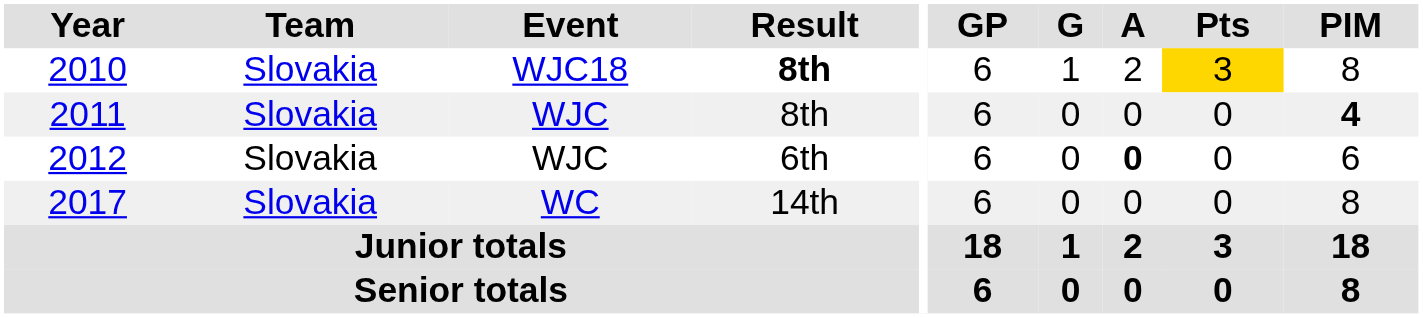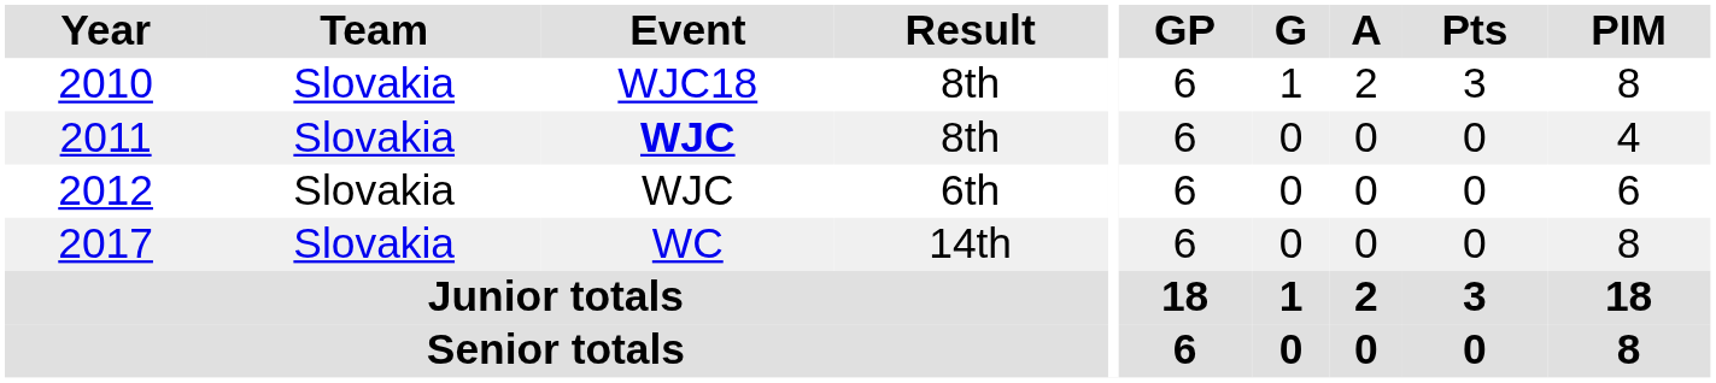 <table border="0" cellpadding="1" cellspacing="0" ID="Table3" style="text-align:center; width:40em">
 <tr ALIGN="center" bgcolor="#e0e0e0">
 <th>Year</th>
 <th>Team</th>
 <th>Event</th>
 <th>Result</th>
 <th rowspan="99" bgcolor="#ffffff"></th>
 <th>GP</th>
 <th>G</th>
 <th>A</th>
 <th>Pts</th>
 <th>PIM</th>
 </tr>
 <tr>
 <td><a href='#'>2010</a></td>
 <td><a href='#'>Slovakia</a></td>
 <td><a href='#'>WJC18</a></td>
-<td><strong>8th</strong></td>
+<td>8th</td>
 <td>6</td>
 <td>1</td>
 <td>2</td>
-<td style="background: gold;">3</td>
+<td>3</td>
 <td>8</td>
 </tr>
 <tr bgcolor="#f0f0f0">
 <td><a href='#'>2011</a></td>
 <td><a href='#'>Slovakia</a></td>
-<td><a href='#'>WJC</a></td>
+<td><strong><a href='#'>WJC</a></strong></td>
 <td>8th</td>
 <td>6</td>
 <td>0</td>
 <td>0</td>
 <td>0</td>
-<td><strong>4</strong></td>
+<td>4</td>
 </tr>
 <tr>
 <td><a href='#'>2012</a></td>
 <td>Slovakia</td>
 <td>WJC</td>
 <td>6th</td>
 <td>6</td>
 <td>0</td>
-<td><strong>0</strong></td>
+<td>0</td>
 <td>0</td>
 <td>6</td>
 </tr>
 <tr bgcolor="#f0f0f0">
 <td><a href='#'>2017</a></td>
 <td><a href='#'>Slovakia</a></td>
 <td><a href='#'>WC</a></td>
 <td>14th</td>
 <td>6</td>
 <td>0</td>
 <td>0</td>
 <td>0</td>
 <td>8</td>
 </tr>
 <tr bgcolor="#e0e0e0">
 <th colspan="4">Junior totals</th>
 <th>18</th>
 <th>1</th>
 <th>2</th>
 <th>3</th>
 <th>18</th>
 </tr>
 <tr bgcolor="#e0e0e0">
 <th colspan=4>Senior totals</th>
 <th>6</th>
 <th>0</th>
 <th>0</th>
 <th>0</th>
 <th>8</th>
 </tr>
 </table>
